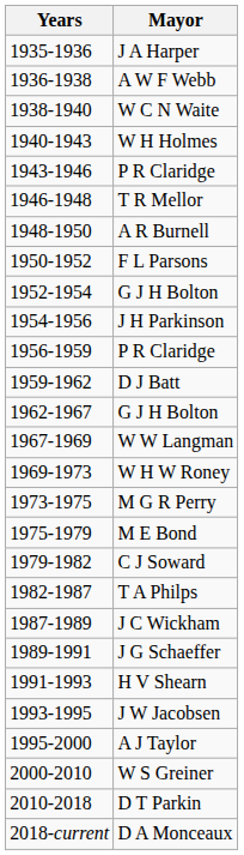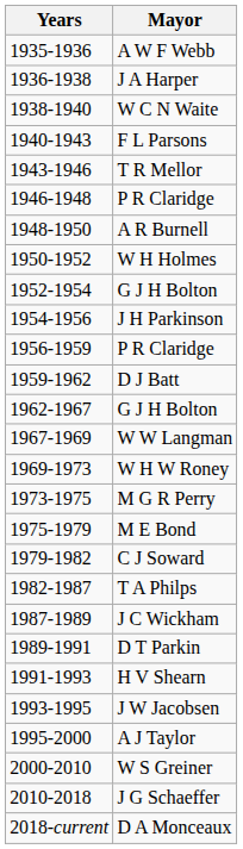 <table class="wikitable">
 <tr>
 <th scope="col">Years</th>
 <th scope="col">Mayor</th>
 </tr>
 <tr style="vertical-align: top;">
 <td>1935-1936</td>
-<td>J A Harper</td>
+<td>A W F Webb</td>
 </tr>
 <tr style="vertical-align: top;">
 <td>1936-1938</td>
-<td>A W F Webb</td>
+<td>J A Harper</td>
 </tr>
 <tr style="vertical-align: top;">
 <td>1938-1940</td>
 <td>W C N Waite</td>
 </tr>
 <tr style="vertical-align: top;">
 <td>1940-1943</td>
-<td>W H Holmes</td>
+<td>F L Parsons</td>
 </tr>
 <tr style="vertical-align: top;">
 <td>1943-1946</td>
-<td>P R Claridge</td>
+<td>T R Mellor</td>
 </tr>
 <tr style="vertical-align: top;">
 <td>1946-1948</td>
-<td>T R Mellor</td>
+<td>P R Claridge</td>
 </tr>
 <tr style="vertical-align: top;">
 <td>1948-1950</td>
 <td>A R Burnell</td>
 </tr>
 <tr style="vertical-align: top;">
 <td>1950-1952</td>
-<td>F L Parsons</td>
+<td>W H Holmes</td>
 </tr>
 <tr style="vertical-align: top;">
 <td>1952-1954</td>
 <td>G J H Bolton</td>
 </tr>
 <tr style="vertical-align: top;">
 <td>1954-1956</td>
 <td>J H Parkinson</td>
 </tr>
 <tr style="vertical-align: top;">
 <td>1956-1959</td>
 <td>P R Claridge</td>
 </tr>
 <tr style="vertical-align: top;">
 <td>1959-1962</td>
 <td>D J Batt</td>
 </tr>
 <tr style="vertical-align: top;">
 <td>1962-1967</td>
 <td>G J H Bolton</td>
 </tr>
 <tr style="vertical-align: top;">
 <td>1967-1969</td>
 <td>W W Langman</td>
 </tr>
 <tr style="vertical-align: top;">
 <td>1969-1973</td>
 <td>W H W Roney</td>
 </tr>
 <tr style="vertical-align: top;">
 <td>1973-1975</td>
 <td>M G R Perry</td>
 </tr>
 <tr style="vertical-align: top;">
 <td>1975-1979</td>
 <td>M E Bond</td>
 </tr>
 <tr style="vertical-align: top;">
 <td>1979-1982</td>
 <td>C J Soward</td>
 </tr>
 <tr style="vertical-align: top;">
 <td>1982-1987</td>
 <td>T A Philps</td>
 </tr>
 <tr style="vertical-align: top;">
 <td>1987-1989</td>
 <td>J C Wickham</td>
 </tr>
 <tr style="vertical-align: top;">
 <td>1989-1991</td>
-<td>J G Schaeffer</td>
+<td>D T Parkin</td>
 </tr>
 <tr style="vertical-align: top;">
 <td>1991-1993</td>
 <td>H V Shearn</td>
 </tr>
 <tr style="vertical-align: top;">
 <td>1993-1995</td>
 <td>J W Jacobsen</td>
 </tr>
 <tr style="vertical-align: top;">
 <td>1995-2000</td>
 <td>A J Taylor</td>
 </tr>
 <tr style="vertical-align: top;">
 <td>2000-2010</td>
 <td>W S Greiner</td>
 </tr>
 <tr style="vertical-align: top;">
 <td>2010-2018</td>
-<td>D T Parkin</td>
+<td>J G Schaeffer</td>
 </tr>
 <tr style="vertical-align: top;">
 <td>2018-<em>current</em></td>
 <td>D A Monceaux</td>
 </tr>
 </table>
